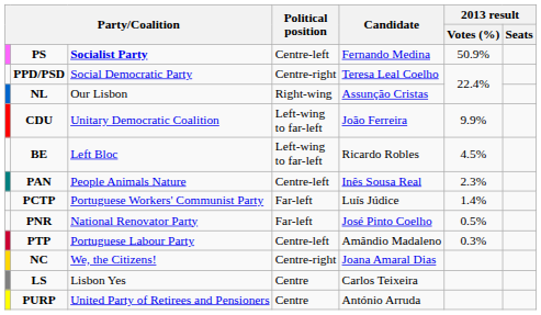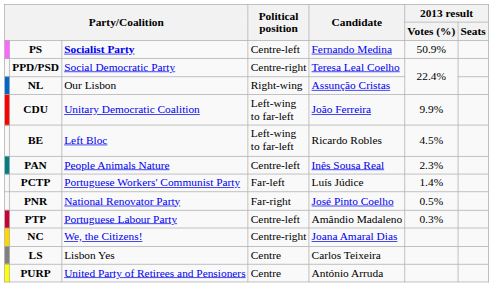 <table class="wikitable">
 <tr>
 <th colspan="3" rowspan="2">Party/Coalition</th>
 <th rowspan="2">Political<br>position</th>
 <th rowspan="2">Candidate</th>
 <th colspan="2">2013 result</th>
 </tr>
 <tr>
 <th>Votes (%)</th>
 <th>Seats</th>
 </tr>
 <tr>
 <td style="color:inherit;background:#FF66FF;"></td>
 <td style="text-align:center;"><strong>PS</strong></td>
 <td><strong><a href='#'>Socialist Party</a><br></strong></td>
 <td>Centre-left</td>
 <td><a href='#'>Fernando Medina</a></td>
 <td style="text-align:center;">50.9%</td>
 <td></td>
 </tr>
 <tr>
 <td style="color:inherit;background:"></td>
 <td style="text-align:center;"><strong>PPD/PSD</strong></td>
 <td><a href='#'>Social Democratic Party</a><br></td>
 <td>Centre-right</td>
 <td><a href='#'>Teresa Leal Coelho</a></td>
 <td rowspan="2" style="text-align:center;">22.4%</td>
 <td></td>
 </tr>
 <tr>
 <td style="color:inherit;background:#0066CC;"></td>
 <td style="text-align:center;"><strong>NL</strong></td>
 <td>Our Lisbon<br> </td>
 <td>Right-wing</td>
 <td><a href='#'>Assunção Cristas</a></td>
 <td></td>
 </tr>
 <tr>
 <td style="background:#f00;"></td>
 <td style="text-align:center;"><strong>CDU</strong></td>
 <td><a href='#'>Unitary Democratic Coalition</a><br> </td>
 <td>Left-wing<br>to far-left</td>
 <td><a href='#'>João Ferreira</a></td>
 <td style="text-align:center;">9.9%</td>
 <td></td>
 </tr>
 <tr>
 <td style="color:inherit;background:"></td>
 <td style="text-align:center;"><strong>BE</strong></td>
 <td><a href='#'>Left Bloc</a><br></td>
 <td>Left-wing<br>to far-left</td>
 <td>Ricardo Robles</td>
 <td style="text-align:center;">4.5%</td>
 <td></td>
 </tr>
 <tr>
 <td style="background:teal;"></td>
 <td style="text-align:center;"><strong>PAN</strong></td>
 <td><a href='#'>People Animals Nature</a><br></td>
 <td>Centre-left</td>
 <td><a href='#'>Inês Sousa Real</a></td>
 <td style="text-align:center;">2.3%</td>
 <td></td>
 </tr>
 <tr>
 <td style="color:inherit;background:"></td>
 <td style="text-align:center;"><strong>PCTP</strong></td>
 <td><a href='#'>Portuguese Workers' Communist Party</a><br></td>
 <td>Far-left</td>
 <td>Luís Júdice</td>
 <td style="text-align:center;">1.4%</td>
 <td></td>
 </tr>
 <tr>
 <td style="color:inherit;background:"></td>
 <td style="text-align:center;"><strong>PNR</strong></td>
 <td><a href='#'>National Renovator Party</a><br></td>
-<td>Far-left</td>
+<td>Far-right</td>
 <td><a href='#'>José Pinto Coelho</a></td>
 <td style="text-align:center;">0.5%</td>
 <td></td>
 </tr>
 <tr>
 <td style="color:inherit;background:#CC0033;"></td>
 <td style="text-align:center;"><strong>PTP</strong></td>
 <td><a href='#'>Portuguese Labour Party</a><br></td>
 <td>Centre-left</td>
 <td>Amândio Madaleno</td>
 <td style="text-align:center;">0.3%</td>
 <td></td>
 </tr>
 <tr>
 <td style="background:gold;"></td>
 <td style="text-align:center;"><strong>NC</strong></td>
 <td><a href='#'>We, the Citizens!</a><br></td>
 <td>Centre-right</td>
 <td><a href='#'>Joana Amaral Dias</a></td>
 <td></td>
 <td></td>
 </tr>
 <tr>
 <td style="background:gray;"></td>
 <td style="text-align:center;"><strong>LS</strong></td>
 <td>Lisbon Yes<br> </td>
 <td>Centre</td>
 <td>Carlos Teixeira</td>
 <td></td>
 <td></td>
 </tr>
 <tr>
 <td style="background:yellow;"></td>
 <td style="text-align:center;"><strong>PURP</strong></td>
 <td><a href='#'>United Party of Retirees and Pensioners</a><br></td>
 <td>Centre</td>
 <td>António Arruda</td>
 <td></td>
 <td></td>
 </tr>
 </table>
